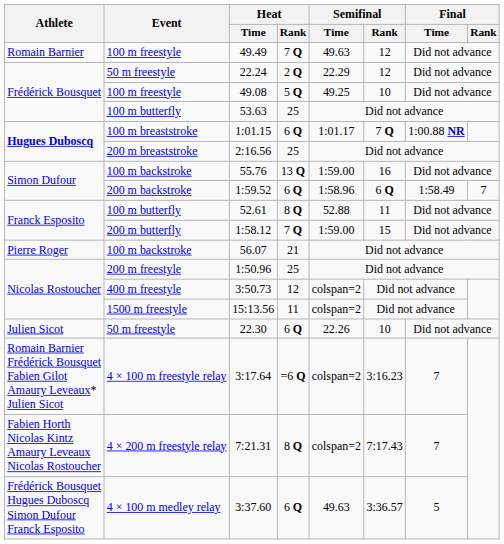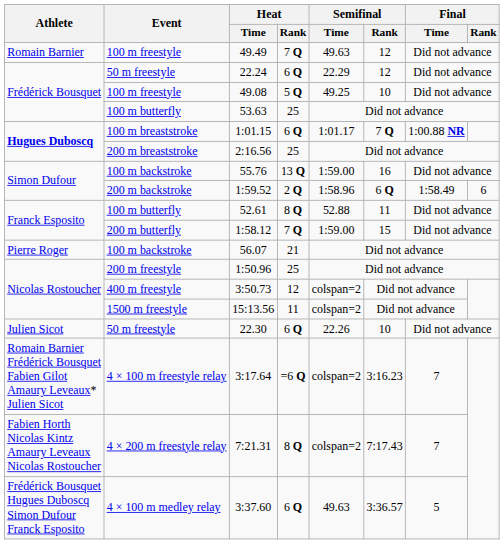 <table class=wikitable style="font-size:90%">
 <tr>
 <th rowspan="2">Athlete</th>
 <th rowspan="2">Event</th>
 <th colspan="2">Heat</th>
 <th colspan="2">Semifinal</th>
 <th colspan="2">Final</th>
 </tr>
 <tr style="font-size:95%">
 <th>Time</th>
 <th>Rank</th>
 <th>Time</th>
 <th>Rank</th>
 <th>Time</th>
 <th>Rank</th>
 </tr>
 <tr align=center>
 <td align=left><a href='#'>Romain Barnier</a></td>
 <td align=left><a href='#'>100 m freestyle</a></td>
 <td>49.49</td>
 <td>7 <strong>Q</strong></td>
 <td>49.63</td>
 <td>12</td>
 <td colspan=2>Did not advance</td>
 </tr>
 <tr align=center>
 <td align=left rowspan=3><a href='#'>Frédérick Bousquet</a></td>
 <td align=left><a href='#'>50 m freestyle</a></td>
 <td>22.24</td>
-<td>2 <strong>Q</strong></td>
+<td>6 <strong>Q</strong></td>
 <td>22.29</td>
 <td>12</td>
 <td colspan=2>Did not advance</td>
 </tr>
 <tr align=center>
 <td align=left><a href='#'>100 m freestyle</a></td>
 <td>49.08</td>
 <td>5 <strong>Q</strong></td>
 <td>49.25</td>
 <td>10</td>
 <td colspan=2>Did not advance</td>
 </tr>
 <tr align=center>
 <td align=left><a href='#'>100 m butterfly</a></td>
 <td>53.63</td>
 <td>25</td>
 <td colspan=4>Did not advance</td>
 </tr>
 <tr align=center>
 <td align=left rowspan=2><strong><a href='#'>Hugues Duboscq</a></strong></td>
 <td align=left><a href='#'>100 m breaststroke</a></td>
 <td>1:01.15</td>
 <td>6 <strong>Q</strong></td>
 <td>1:01.17</td>
 <td>7 <strong>Q</strong></td>
 <td>1:00.88 <strong><a href='#'>NR</a></strong></td>
 <td></td>
 </tr>
 <tr align=center>
 <td align=left><a href='#'>200 m breaststroke</a></td>
 <td>2:16.56</td>
 <td>25</td>
 <td colspan=4>Did not advance</td>
 </tr>
 <tr align=center>
 <td align=left rowspan=2><a href='#'>Simon Dufour</a></td>
 <td align=left><a href='#'>100 m backstroke</a></td>
 <td>55.76</td>
 <td>13 <strong>Q</strong></td>
 <td>1:59.00</td>
 <td>16</td>
 <td colspan=2>Did not advance</td>
 </tr>
 <tr align=center>
 <td align=left><a href='#'>200 m backstroke</a></td>
 <td>1:59.52</td>
-<td>6 <strong>Q</strong></td>
+<td>2 <strong>Q</strong></td>
 <td>1:58.96</td>
 <td>6 <strong>Q</strong></td>
 <td>1:58.49</td>
-<td>7</td>
+<td>6</td>
 </tr>
 <tr align=center>
 <td align=left rowspan=2><a href='#'>Franck Esposito</a></td>
 <td align=left><a href='#'>100 m butterfly</a></td>
 <td>52.61</td>
 <td>8 <strong>Q</strong></td>
 <td>52.88</td>
 <td>11</td>
 <td colspan=2>Did not advance</td>
 </tr>
 <tr align=center>
 <td align=left><a href='#'>200 m butterfly</a></td>
 <td>1:58.12</td>
 <td>7 <strong>Q</strong></td>
 <td>1:59.00</td>
 <td>15</td>
 <td colspan=2>Did not advance</td>
 </tr>
 <tr align=center>
 <td align=left><a href='#'>Pierre Roger</a></td>
 <td align=left><a href='#'>100 m backstroke</a></td>
 <td>56.07</td>
 <td>21</td>
 <td colspan=4>Did not advance</td>
 </tr>
 <tr align=center>
 <td align=left rowspan=3><a href='#'>Nicolas Rostoucher</a></td>
 <td align=left><a href='#'>200 m freestyle</a></td>
 <td>1:50.96</td>
 <td>25</td>
 <td colspan=4>Did not advance</td>
 </tr>
 <tr align=center>
 <td align=left><a href='#'>400 m freestyle</a></td>
 <td>3:50.73</td>
 <td>12</td>
 <td>colspan=2 </td>
 <td colspan=2>Did not advance</td>
 </tr>
 <tr align=center>
 <td align=left><a href='#'>1500 m freestyle</a></td>
 <td>15:13.56</td>
 <td>11</td>
 <td>colspan=2 </td>
 <td colspan=2>Did not advance</td>
 </tr>
 <tr align=center>
 <td align=left><a href='#'>Julien Sicot</a></td>
 <td align=left><a href='#'>50 m freestyle</a></td>
 <td>22.30</td>
 <td>6 <strong>Q</strong></td>
 <td>22.26</td>
 <td>10</td>
 <td colspan=2>Did not advance</td>
 </tr>
 <tr align=center>
 <td align=left><a href='#'>Romain Barnier</a><br><a href='#'>Frédérick Bousquet</a><br><a href='#'>Fabien Gilot</a><br><a href='#'>Amaury Leveaux</a>*<br><a href='#'>Julien Sicot</a></td>
 <td align=left><a href='#'>4 × 100 m freestyle relay</a></td>
 <td>3:17.64</td>
 <td>=6 <strong>Q</strong></td>
 <td>colspan=2 </td>
 <td>3:16.23</td>
 <td>7</td>
 </tr>
 <tr align=center>
 <td align=left><a href='#'>Fabien Horth</a><br><a href='#'>Nicolas Kintz</a><br><a href='#'>Amaury Leveaux</a><br><a href='#'>Nicolas Rostoucher</a></td>
 <td align=left><a href='#'>4 × 200 m freestyle relay</a></td>
 <td>7:21.31</td>
 <td>8 <strong>Q</strong></td>
 <td>colspan=2 </td>
 <td>7:17.43</td>
 <td>7</td>
 </tr>
 <tr align=center>
 <td align=left><a href='#'>Frédérick Bousquet</a><br><a href='#'>Hugues Duboscq</a><br><a href='#'>Simon Dufour</a><br><a href='#'>Franck Esposito</a></td>
 <td align=left><a href='#'>4 × 100 m medley relay</a></td>
 <td>3:37.60</td>
 <td>6 <strong>Q</strong></td>
 <td>49.63</td>
 <td>3:36.57</td>
 <td>5</td>
 </tr>
 </table>
